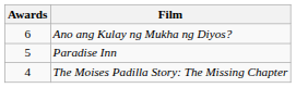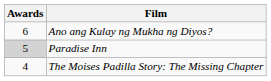 <table class="wikitable" style="text-align:center">
 <tr>
 <th scope="col">Awards</th>
 <th scope="col">Film</th>
 </tr>
 <tr>
 <td>6</td>
 <td align=left><em>Ano ang Kulay ng Mukha ng Diyos?</em></td>
 </tr>
 <tr>
-<td>5</td>
+<td style="background: lightgrey;">5</td>
 <td align=left><em>Paradise Inn</em></td>
 </tr>
 <tr>
 <td>4</td>
 <td align=left><em>The Moises Padilla Story: The Missing Chapter</em></td>
 </tr>
 </table>
